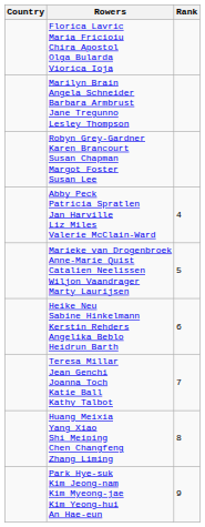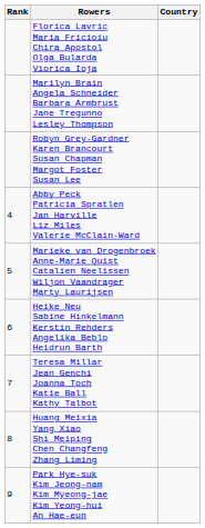 <table class="wikitable sortable">
 <tr>
+<th>Rank</th>
+<th>Rowers</th>
 <th>Country</th>
-<th>Rowers</th>
-<th>Rank</th>
 </tr>
 <tr>
 <td></td>
 <td><a href='#'>Florica Lavric</a><br><a href='#'>Maria Fricioiu</a><br><a href='#'>Chira Apostol</a><br><a href='#'>Olga Bularda</a><br><a href='#'>Viorica Ioja</a></td>
 <td></td>
 </tr>
 <tr>
 <td></td>
 <td><a href='#'>Marilyn Brain</a><br><a href='#'>Angela Schneider</a><br><a href='#'>Barbara Armbrust</a><br><a href='#'>Jane Tregunno</a><br><a href='#'>Lesley Thompson</a></td>
 <td></td>
 </tr>
 <tr>
 <td></td>
 <td><a href='#'>Robyn Grey-Gardner</a><br><a href='#'>Karen Brancourt</a><br><a href='#'>Susan Chapman</a><br><a href='#'>Margot Foster</a><br><a href='#'>Susan Lee</a></td>
 <td></td>
 </tr>
 <tr>
+<td>4</td>
+<td><a href='#'>Abby Peck</a><br><a href='#'>Patricia Spratlen</a><br><a href='#'>Jan Harville</a><br><a href='#'>Liz Miles</a><br><a href='#'>Valerie McClain-Ward</a></td>
 <td></td>
-<td><a href='#'>Abby Peck</a><br><a href='#'>Patricia Spratlen</a><br><a href='#'>Jan Harville</a><br><a href='#'>Liz Miles</a><br><a href='#'>Valerie McClain-Ward</a></td>
-<td>4</td>
 </tr>
 <tr>
+<td>5</td>
+<td><a href='#'>Marieke van Drogenbroek</a><br><a href='#'>Anne-Marie Quist</a><br><a href='#'>Catalien Neelissen</a><br><a href='#'>Wiljon Vaandrager</a><br><a href='#'>Marty Laurijsen</a></td>
 <td></td>
-<td><a href='#'>Marieke van Drogenbroek</a><br><a href='#'>Anne-Marie Quist</a><br><a href='#'>Catalien Neelissen</a><br><a href='#'>Wiljon Vaandrager</a><br><a href='#'>Marty Laurijsen</a></td>
-<td>5</td>
 </tr>
 <tr>
+<td>6</td>
+<td><a href='#'>Heike Neu</a><br><a href='#'>Sabine Hinkelmann</a><br><a href='#'>Kerstin Rehders</a><br><a href='#'>Angelika Beblo</a><br><a href='#'>Heidrun Barth</a></td>
 <td></td>
-<td><a href='#'>Heike Neu</a><br><a href='#'>Sabine Hinkelmann</a><br><a href='#'>Kerstin Rehders</a><br><a href='#'>Angelika Beblo</a><br><a href='#'>Heidrun Barth</a></td>
-<td>6</td>
 </tr>
 <tr>
+<td>7</td>
+<td><a href='#'>Teresa Millar</a><br><a href='#'>Jean Genchi</a><br><a href='#'>Joanna Toch</a><br><a href='#'>Katie Ball</a><br><a href='#'>Kathy Talbot</a></td>
 <td></td>
-<td><a href='#'>Teresa Millar</a><br><a href='#'>Jean Genchi</a><br><a href='#'>Joanna Toch</a><br><a href='#'>Katie Ball</a><br><a href='#'>Kathy Talbot</a></td>
-<td>7</td>
 </tr>
 <tr>
+<td>8</td>
+<td><a href='#'>Huang Meixia</a><br><a href='#'>Yang Xiao</a><br><a href='#'>Shi Meiping</a><br><a href='#'>Chen Changfeng</a><br><a href='#'>Zhang Liming</a></td>
 <td></td>
-<td><a href='#'>Huang Meixia</a><br><a href='#'>Yang Xiao</a><br><a href='#'>Shi Meiping</a><br><a href='#'>Chen Changfeng</a><br><a href='#'>Zhang Liming</a></td>
-<td>8</td>
 </tr>
 <tr>
+<td>9</td>
+<td><a href='#'>Park Hye-suk</a><br><a href='#'>Kim Jeong-nam</a><br><a href='#'>Kim Myeong-jae</a><br><a href='#'>Kim Yeong-hui</a><br><a href='#'>An Hae-eun</a></td>
 <td></td>
-<td><a href='#'>Park Hye-suk</a><br><a href='#'>Kim Jeong-nam</a><br><a href='#'>Kim Myeong-jae</a><br><a href='#'>Kim Yeong-hui</a><br><a href='#'>An Hae-eun</a></td>
-<td>9</td>
 </tr>
 </table>
